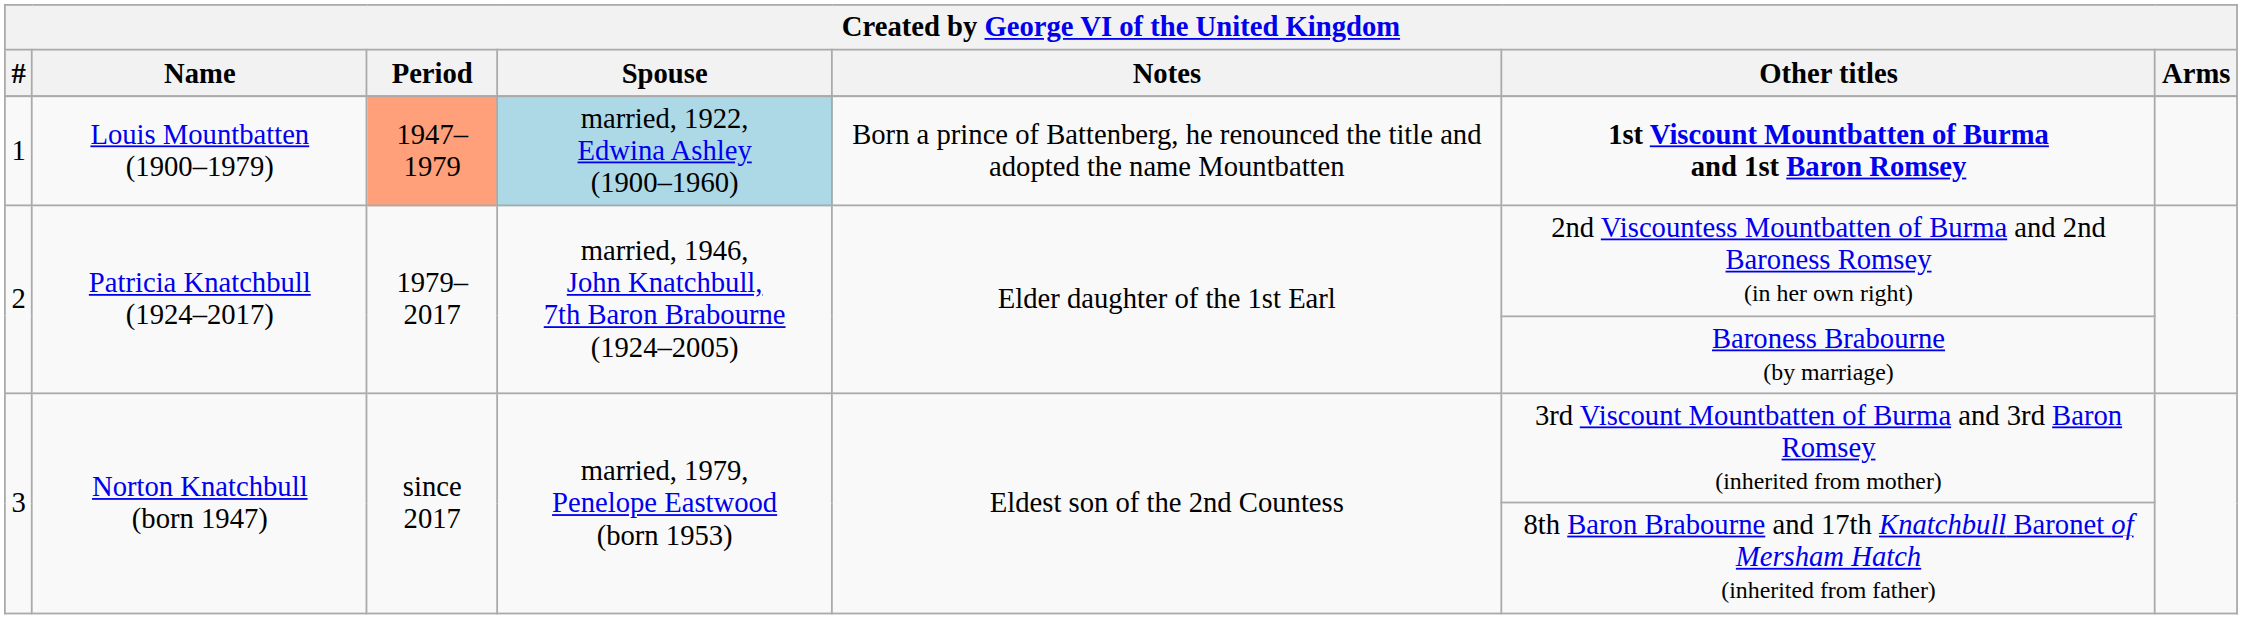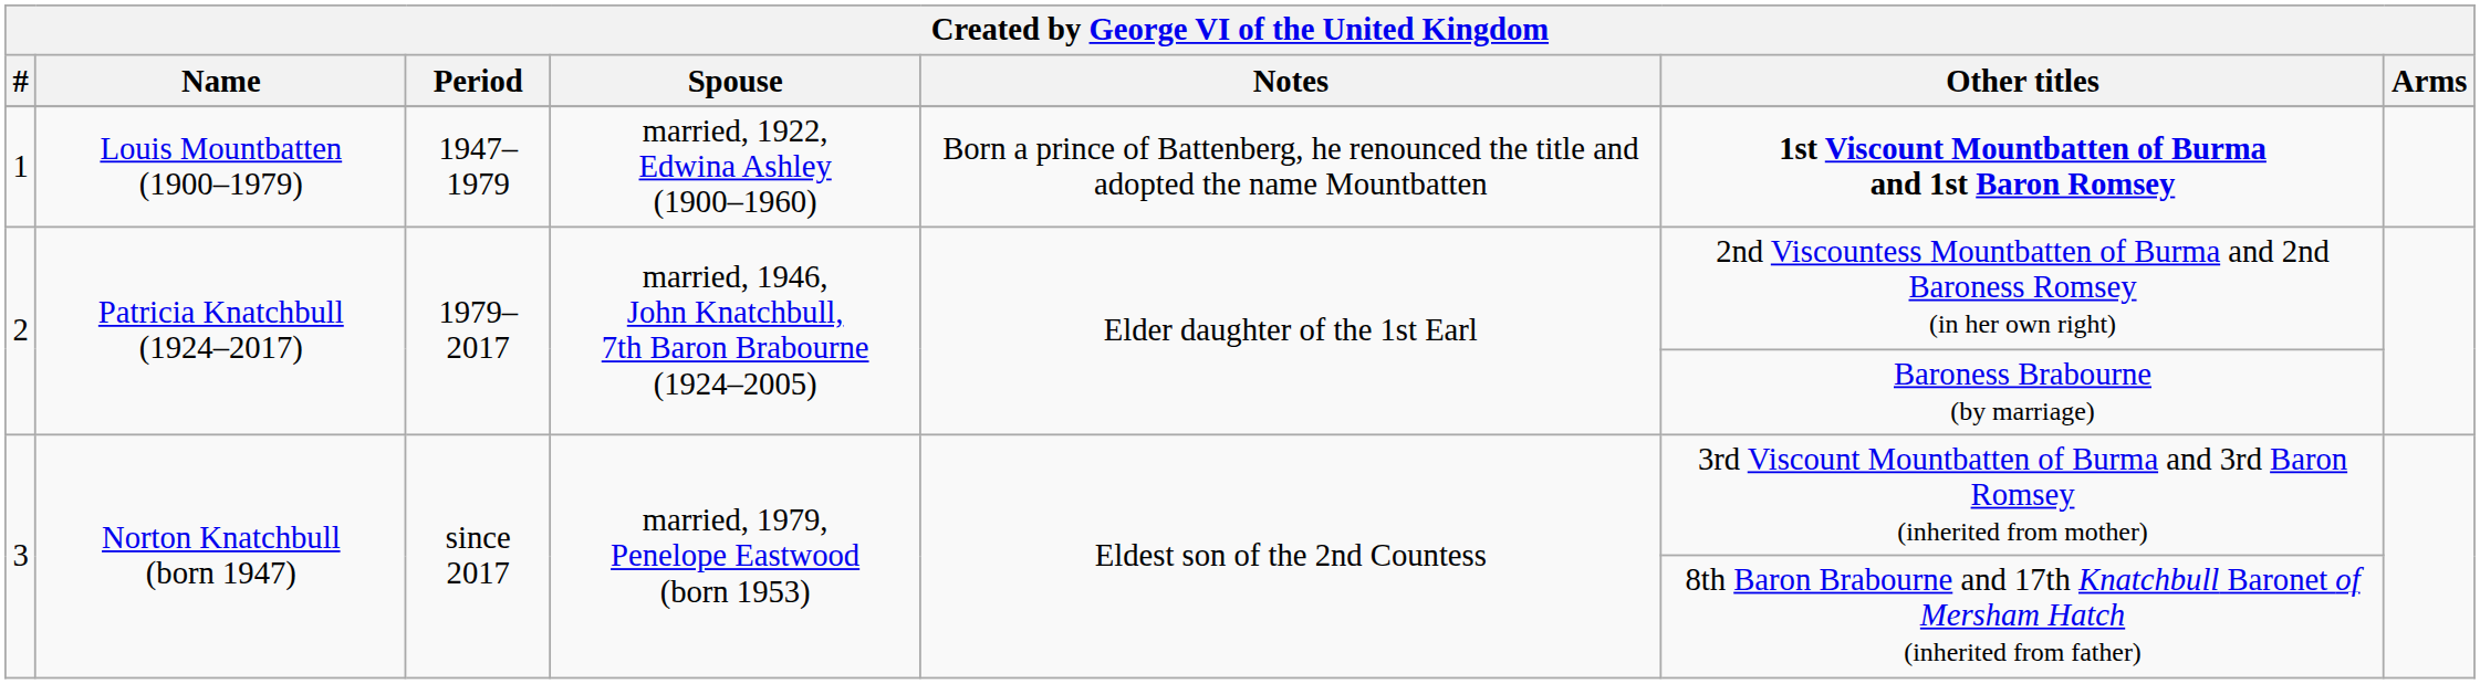 <table style="text-align:center" class="wikitable">
 <tr>
 <th colspan="7">Created by <a href='#'>George VI of the United Kingdom</a></th>
 </tr>
 <tr>
 <th style="width:10%%">#</th>
 <th style="width:15%">Name</th>
 <th>Period</th>
 <th style="width:15%">Spouse</th>
 <th style="width:30%">Notes</th>
 <th>Other titles</th>
 <th>Arms</th>
 </tr>
 <tr bgcolor="#dddddd" |>
 </tr>
 <tr>
 <td>1</td>
 <td><a href='#'>Louis Mountbatten</a><br>(1900–1979)</td>
-<td style="background: lightsalmon;">1947–1979</td>
-<td style="background: lightblue;">married, 1922,<br><a href='#'>Edwina Ashley</a><br>(1900–1960)</td>
+<td>1947–1979</td>
+<td>married, 1922,<br><a href='#'>Edwina Ashley</a><br>(1900–1960)</td>
 <td>Born a prince of Battenberg, he renounced the title and adopted the name Mountbatten</td>
 <td><strong>1st <a href='#'>Viscount Mountbatten of Burma</a><br>and 1st <a href='#'>Baron Romsey</a></strong></td>
 <td></td>
 </tr>
 <tr>
 <td rowspan="2">2</td>
 <td rowspan="2"><a href='#'>Patricia Knatchbull</a><br>(1924–2017)</td>
 <td rowspan="2">1979–2017</td>
 <td rowspan="2">married, 1946,<br><a href='#'>John Knatchbull,<br>7th Baron Brabourne</a><br>(1924–2005)</td>
 <td rowspan="2">Elder daughter of the 1st Earl</td>
 <td>2nd <a href='#'>Viscountess Mountbatten of Burma</a> and 2nd <a href='#'>Baroness Romsey</a><br><small>(in her own right)</small></td>
 <td rowspan="2"></td>
 </tr>
 <tr>
 <td><a href='#'>Baroness Brabourne</a><br> <small>(by marriage)</small></td>
 </tr>
 <tr>
 <td rowspan="2">3</td>
 <td rowspan="2"><a href='#'>Norton Knatchbull</a><br>(born 1947)</td>
 <td rowspan="2">since 2017</td>
 <td rowspan="2">married, 1979,<br><a href='#'>Penelope Eastwood</a><br>(born 1953)</td>
 <td rowspan="2">Eldest son of the 2nd Countess</td>
 <td>3rd <a href='#'>Viscount Mountbatten of Burma</a> and 3rd <a href='#'>Baron Romsey</a><br><small>(inherited from mother)</small></td>
 <td rowspan="2"><br></td>
 </tr>
 <tr>
 <td>8th <a href='#'>Baron Brabourne</a> and 17th <a href='#'><em>Knatchbull</em> Baronet <em>of Mersham Hatch</em></a><br><small>(inherited from father)</small></td>
 </tr>
 </table>
